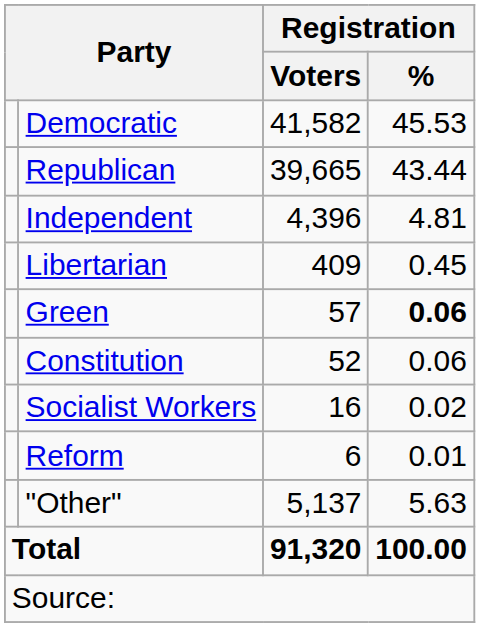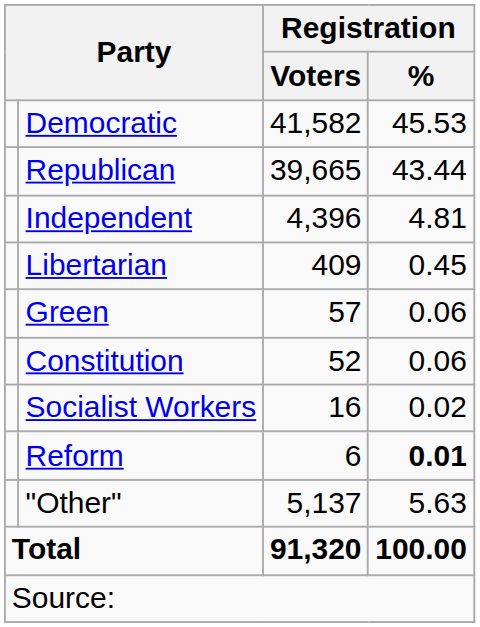 <table class="wikitable">
 <tr>
 <th colspan="2" rowspan="2">Party</th>
 <th colspan="2">Registration</th>
 </tr>
 <tr>
 <th>Voters</th>
 <th>%</th>
 </tr>
 <tr>
 <td style="background-color:"></td>
 <td><a href='#'>Democratic</a></td>
 <td style="text-align:right;">41,582</td>
 <td style="text-align:right;">45.53</td>
 </tr>
 <tr>
 <td style="background-color:"></td>
 <td><a href='#'>Republican</a></td>
 <td style="text-align:right;">39,665</td>
 <td style="text-align:right;">43.44</td>
 </tr>
 <tr>
 <td style="background-color:"></td>
 <td><a href='#'>Independent</a></td>
 <td style="text-align:right;">4,396</td>
 <td style="text-align:right;">4.81</td>
 </tr>
 <tr>
 <td style="background-color:"></td>
 <td><a href='#'>Libertarian</a></td>
 <td style="text-align:right;">409</td>
 <td style="text-align:right;">0.45</td>
 </tr>
 <tr>
 <td style="background-color:"></td>
 <td><a href='#'>Green</a></td>
 <td style="text-align:right;">57</td>
-<td style="text-align:right;"><strong>0.06</strong></td>
+<td style="text-align:right;">0.06</td>
 </tr>
 <tr>
 <td style="background-color:"></td>
 <td><a href='#'>Constitution</a></td>
 <td style="text-align:right;">52</td>
 <td style="text-align:right;">0.06</td>
 </tr>
 <tr>
 <td style="background-color:"></td>
 <td><a href='#'>Socialist Workers</a></td>
 <td style="text-align:right;">16</td>
 <td style="text-align:right;">0.02</td>
 </tr>
 <tr>
 <td style="background-color:"></td>
 <td><a href='#'>Reform</a></td>
 <td style="text-align:right;">6</td>
-<td style="text-align:right;">0.01</td>
+<td style="text-align:right;"><strong>0.01</strong></td>
 </tr>
 <tr>
 <td></td>
 <td>"Other"</td>
 <td style="text-align:right;">5,137</td>
 <td style="text-align:right;">5.63</td>
 </tr>
 <tr>
 <td colspan="2"><strong>Total</strong></td>
 <td style="text-align:right;"><strong>91,320</strong></td>
 <td style="text-align:right;"><strong>100.00</strong></td>
 </tr>
 <tr>
 <td colspan="4">Source: <em></em></td>
 </tr>
 </table>
